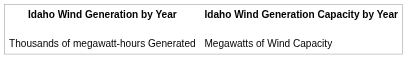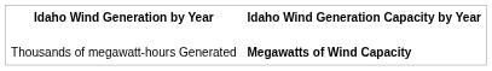 <table style="border:solid 1px #aaa;" cellpadding="7" cellspacing="0">
 <tr>
 <th><strong>Idaho Wind Generation by Year</strong></th>
 <th><strong>Idaho Wind Generation Capacity by Year</strong></th>
 </tr>
 <tr>
 <td></td>
 <td></td>
 </tr>
 <tr>
 <td>Thousands of megawatt-hours Generated</td>
-<td>Megawatts of Wind Capacity</td>
+<td><strong>Megawatts of Wind Capacity</strong></td>
 </tr>
 </table>
